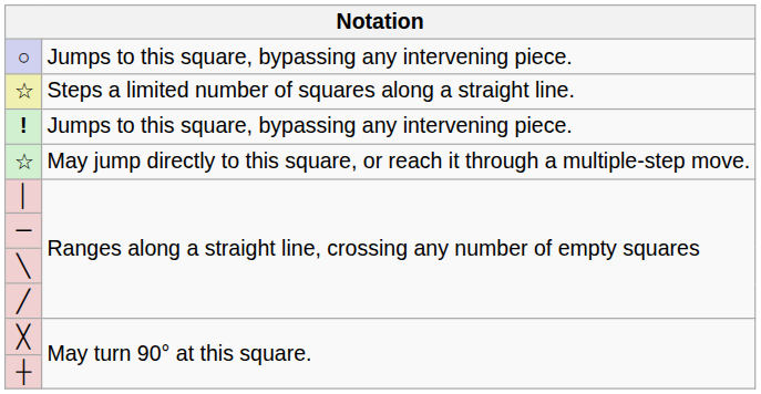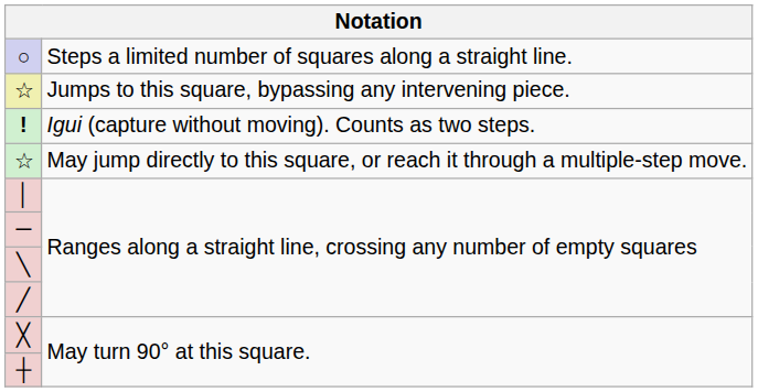 <table class="wikitable">
 <tr>
 <th colspan="2">Notation</th>
 </tr>
 <tr>
 <td style="background:#d0d0f0; text-align:center;">○</td>
+<td>Steps a limited number of squares along a straight line.</td>
+</tr>
+<tr>
+<td width="20" style="background:#f0f0b0; text-align:center;">☆</td>
 <td>Jumps to this square, bypassing any intervening piece.</td>
 </tr>
 <tr>
-<td width="20" style="background:#f0f0b0; text-align:center;">☆</td>
-<td>Steps a limited number of squares along a straight line.</td>
-</tr>
-<tr>
 <td style="background:#d0f0d0; text-align:center;"><strong>!</strong></td>
-<td>Jumps to this square, bypassing any intervening piece.</td>
+<td><em>Igui</em> (capture without moving). Counts as two steps.</td>
 </tr>
 <tr>
 <td style="background:#d0f0d0; text-align:center;">☆</td>
 <td>May jump directly to this square, or reach it through a multiple-step move.</td>
 </tr>
 <tr>
 <td style="background:#f0d0d0; text-align:center;">│</td>
 <td rowspan=4>Ranges along a straight line, crossing any number of empty squares</td>
 </tr>
 <tr>
 <td style="background:#f0d0d0; text-align:center;">─</td>
 </tr>
 <tr>
 <td style="background:#f0d0d0; text-align:center;">╲</td>
 </tr>
 <tr>
 <td style="background:#f0d0d0; text-align:center;">╱</td>
 </tr>
 <tr>
 <td style="background:#f0d0d0; text-align:center;">╳</td>
 <td rowspan=2>May turn 90° at this square.</td>
 </tr>
 <tr>
 <td style="background:#f0d0d0; text-align:center;">┼</td>
 </tr>
 </table>
